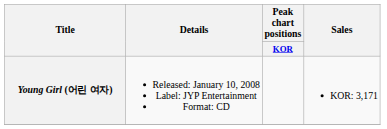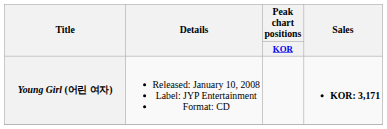 <table class="wikitable plainrowheaders" style="text-align:center;">
 <tr>
 <th rowspan="2" style="width:12em;">Title</th>
 <th rowspan="2">Details</th>
 <th colspan="1">Peak chart positions</th>
 <th rowspan="2">Sales</th>
 </tr>
 <tr>
 <th style="width:3em;font-size:90%;"><a href='#'>KOR</a></th>
 </tr>
 <tr>
 <th scope=row><em>Young Girl</em> (어린 여자)</th>
 <td><br><ul><li>Released: January 10, 2008</li><li>Label: JYP Entertainment</li><li>Format: CD</li></ul></td>
 <td></td>
-<td><br><ul><li>KOR: 3,171</li></ul></td>
+<td><strong><br><ul><li>KOR: 3,171</li></ul></strong></td>
 </tr>
 <tr>
 </tr>
 </table>
